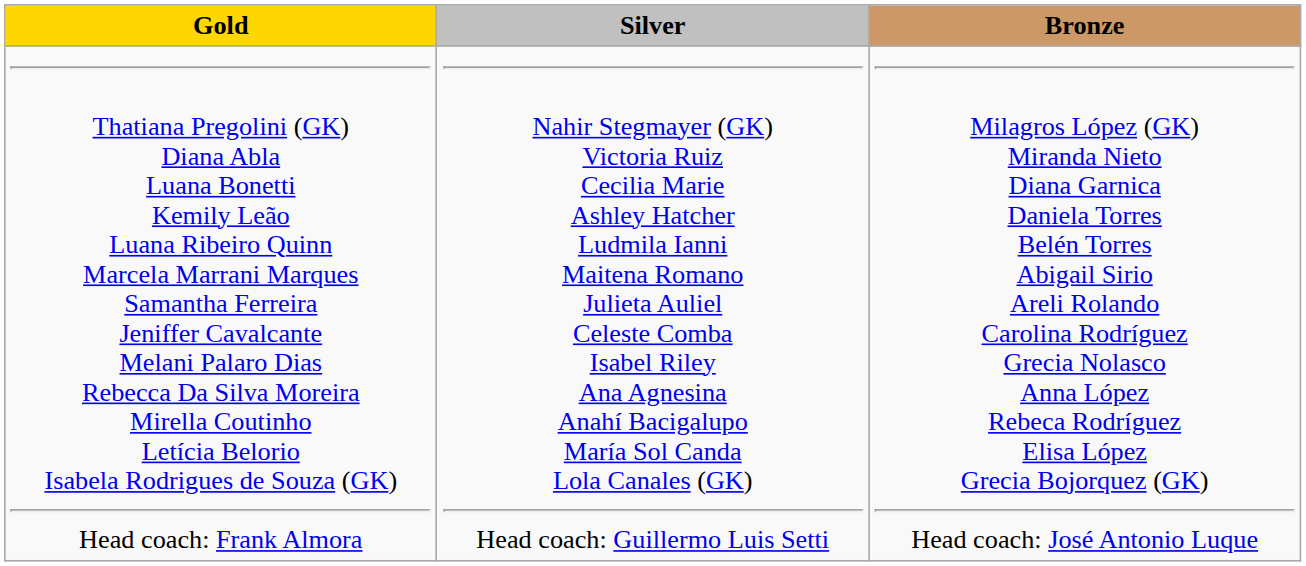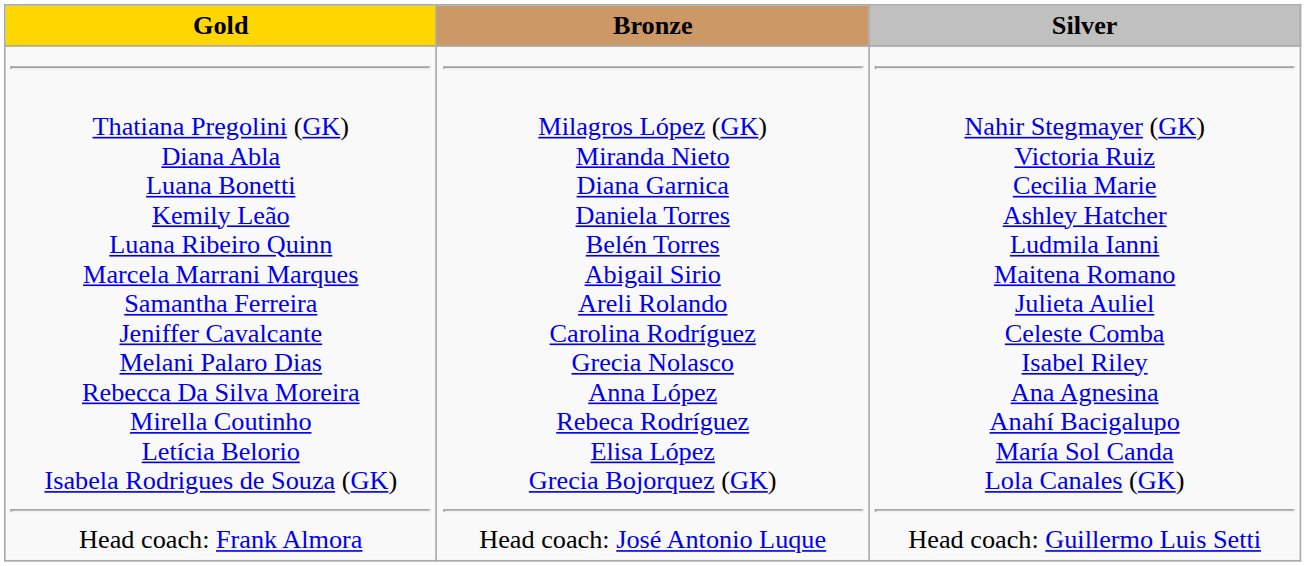 <table class="wikitable" style="text-align:center;">
 <tr>
 <td style="width: 16em;background: gold"><strong>Gold</strong></td>
+<td style="width: 16em;background: #CC9966"><strong>Bronze</strong></td>
 <td style="width: 16em;background: silver"><strong>Silver</strong></td>
-<td style="width: 16em;background: #CC9966"><strong>Bronze</strong></td>
 </tr>
 <tr>
 <td align=top><strong></strong><hr><br><a href='#'>Thatiana Pregolini</a> (<a href='#'>GK</a>)<br><a href='#'>Diana Abla</a><br><a href='#'>Luana Bonetti</a><br><a href='#'>Kemily Leão</a><br><a href='#'>Luana Ribeiro Quinn</a><br><a href='#'>Marcela Marrani Marques</a><br><a href='#'>Samantha Ferreira</a><br><a href='#'>Jeniffer Cavalcante</a><br><a href='#'>Melani Palaro Dias</a><br><a href='#'>Rebecca Da Silva Moreira</a><br><a href='#'>Mirella Coutinho</a><br><a href='#'>Letícia Belorio</a><br><a href='#'>Isabela Rodrigues de Souza</a> (<a href='#'>GK</a>)<br><hr>Head coach: <a href='#'>Frank Almora</a></td>
+<td align=top><strong></strong><hr><br><a href='#'>Milagros López</a> (<a href='#'>GK</a>)<br><a href='#'>Miranda Nieto</a><br><a href='#'>Diana Garnica</a><br><a href='#'>Daniela Torres</a><br><a href='#'>Belén Torres</a><br><a href='#'>Abigail Sirio</a><br><a href='#'>Areli Rolando</a><br><a href='#'>Carolina Rodríguez</a><br><a href='#'>Grecia Nolasco</a><br><a href='#'>Anna López</a><br><a href='#'>Rebeca Rodríguez</a><br><a href='#'>Elisa López</a><br><a href='#'>Grecia Bojorquez</a> (<a href='#'>GK</a>)<br><hr>Head coach: <a href='#'>José Antonio Luque</a></td>
 <td align=top><strong></strong><hr><br><a href='#'>Nahir Stegmayer</a> (<a href='#'>GK</a>)<br><a href='#'>Victoria Ruiz</a><br><a href='#'>Cecilia Marie</a><br><a href='#'>Ashley Hatcher</a><br><a href='#'>Ludmila Ianni</a><br><a href='#'>Maitena Romano</a><br><a href='#'>Julieta Auliel</a><br><a href='#'>Celeste Comba</a><br><a href='#'>Isabel Riley</a><br><a href='#'>Ana Agnesina</a><br><a href='#'>Anahí Bacigalupo</a><br><a href='#'>María Sol Canda</a><br><a href='#'>Lola Canales</a> (<a href='#'>GK</a>)<br><hr>Head coach: <a href='#'>Guillermo Luis Setti</a></td>
-<td align=top><strong></strong><hr><br><a href='#'>Milagros López</a> (<a href='#'>GK</a>)<br><a href='#'>Miranda Nieto</a><br><a href='#'>Diana Garnica</a><br><a href='#'>Daniela Torres</a><br><a href='#'>Belén Torres</a><br><a href='#'>Abigail Sirio</a><br><a href='#'>Areli Rolando</a><br><a href='#'>Carolina Rodríguez</a><br><a href='#'>Grecia Nolasco</a><br><a href='#'>Anna López</a><br><a href='#'>Rebeca Rodríguez</a><br><a href='#'>Elisa López</a><br><a href='#'>Grecia Bojorquez</a> (<a href='#'>GK</a>)<br><hr>Head coach: <a href='#'>José Antonio Luque</a></td>
 </tr>
 </table>
